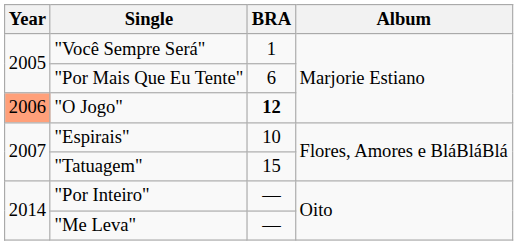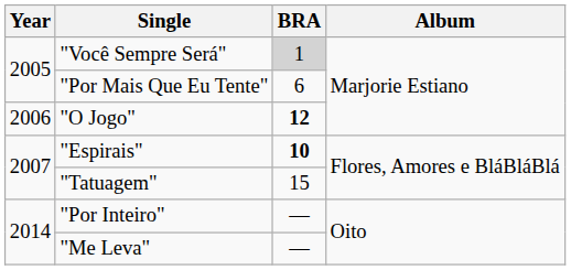 <table class="wikitable" style="text-align:center;">
 <tr>
 <th>Year</th>
 <th>Single</th>
 <th>BRA</th>
 <th>Album</th>
 </tr>
 <tr>
 <td align="left" valign="center" rowspan=2>2005</td>
 <td align="left" valign="center">"Você Sempre Será"</td>
-<td>1</td>
+<td style="background: lightgrey;">1</td>
 <td align="left" valign="center" rowspan=3>Marjorie Estiano</td>
 </tr>
 <tr>
 <td align="left" valign="center">"Por Mais Que Eu Tente"</td>
 <td>6</td>
 </tr>
 <tr>
-<td align="left" valign="center" rowspan=1 style="background: lightsalmon;">2006</td>
+<td align="left" valign="center" rowspan=1>2006</td>
 <td align="left" valign="center">"O Jogo"</td>
 <td><strong>12</strong></td>
 </tr>
 <tr>
 <td align="left" valign="center" rowspan=2>2007</td>
 <td align="left" valign="center">"Espirais"</td>
-<td>10</td>
+<td><strong>10</strong></td>
 <td align="left" valign="center" rowspan=2>Flores, Amores e BláBláBlá</td>
 </tr>
 <tr>
 <td align="left" valign="center">"Tatuagem"</td>
 <td>15</td>
 </tr>
 <tr>
 <td align="left" valign="center" rowspan=2>2014</td>
 <td align="left" valign="center">"Por Inteiro"</td>
 <td>—</td>
 <td align="left" valign="center" rowspan=2>Oito</td>
 </tr>
 <tr>
 <td align="left" valign="center">"Me Leva"</td>
 <td>—</td>
 </tr>
 </table>
